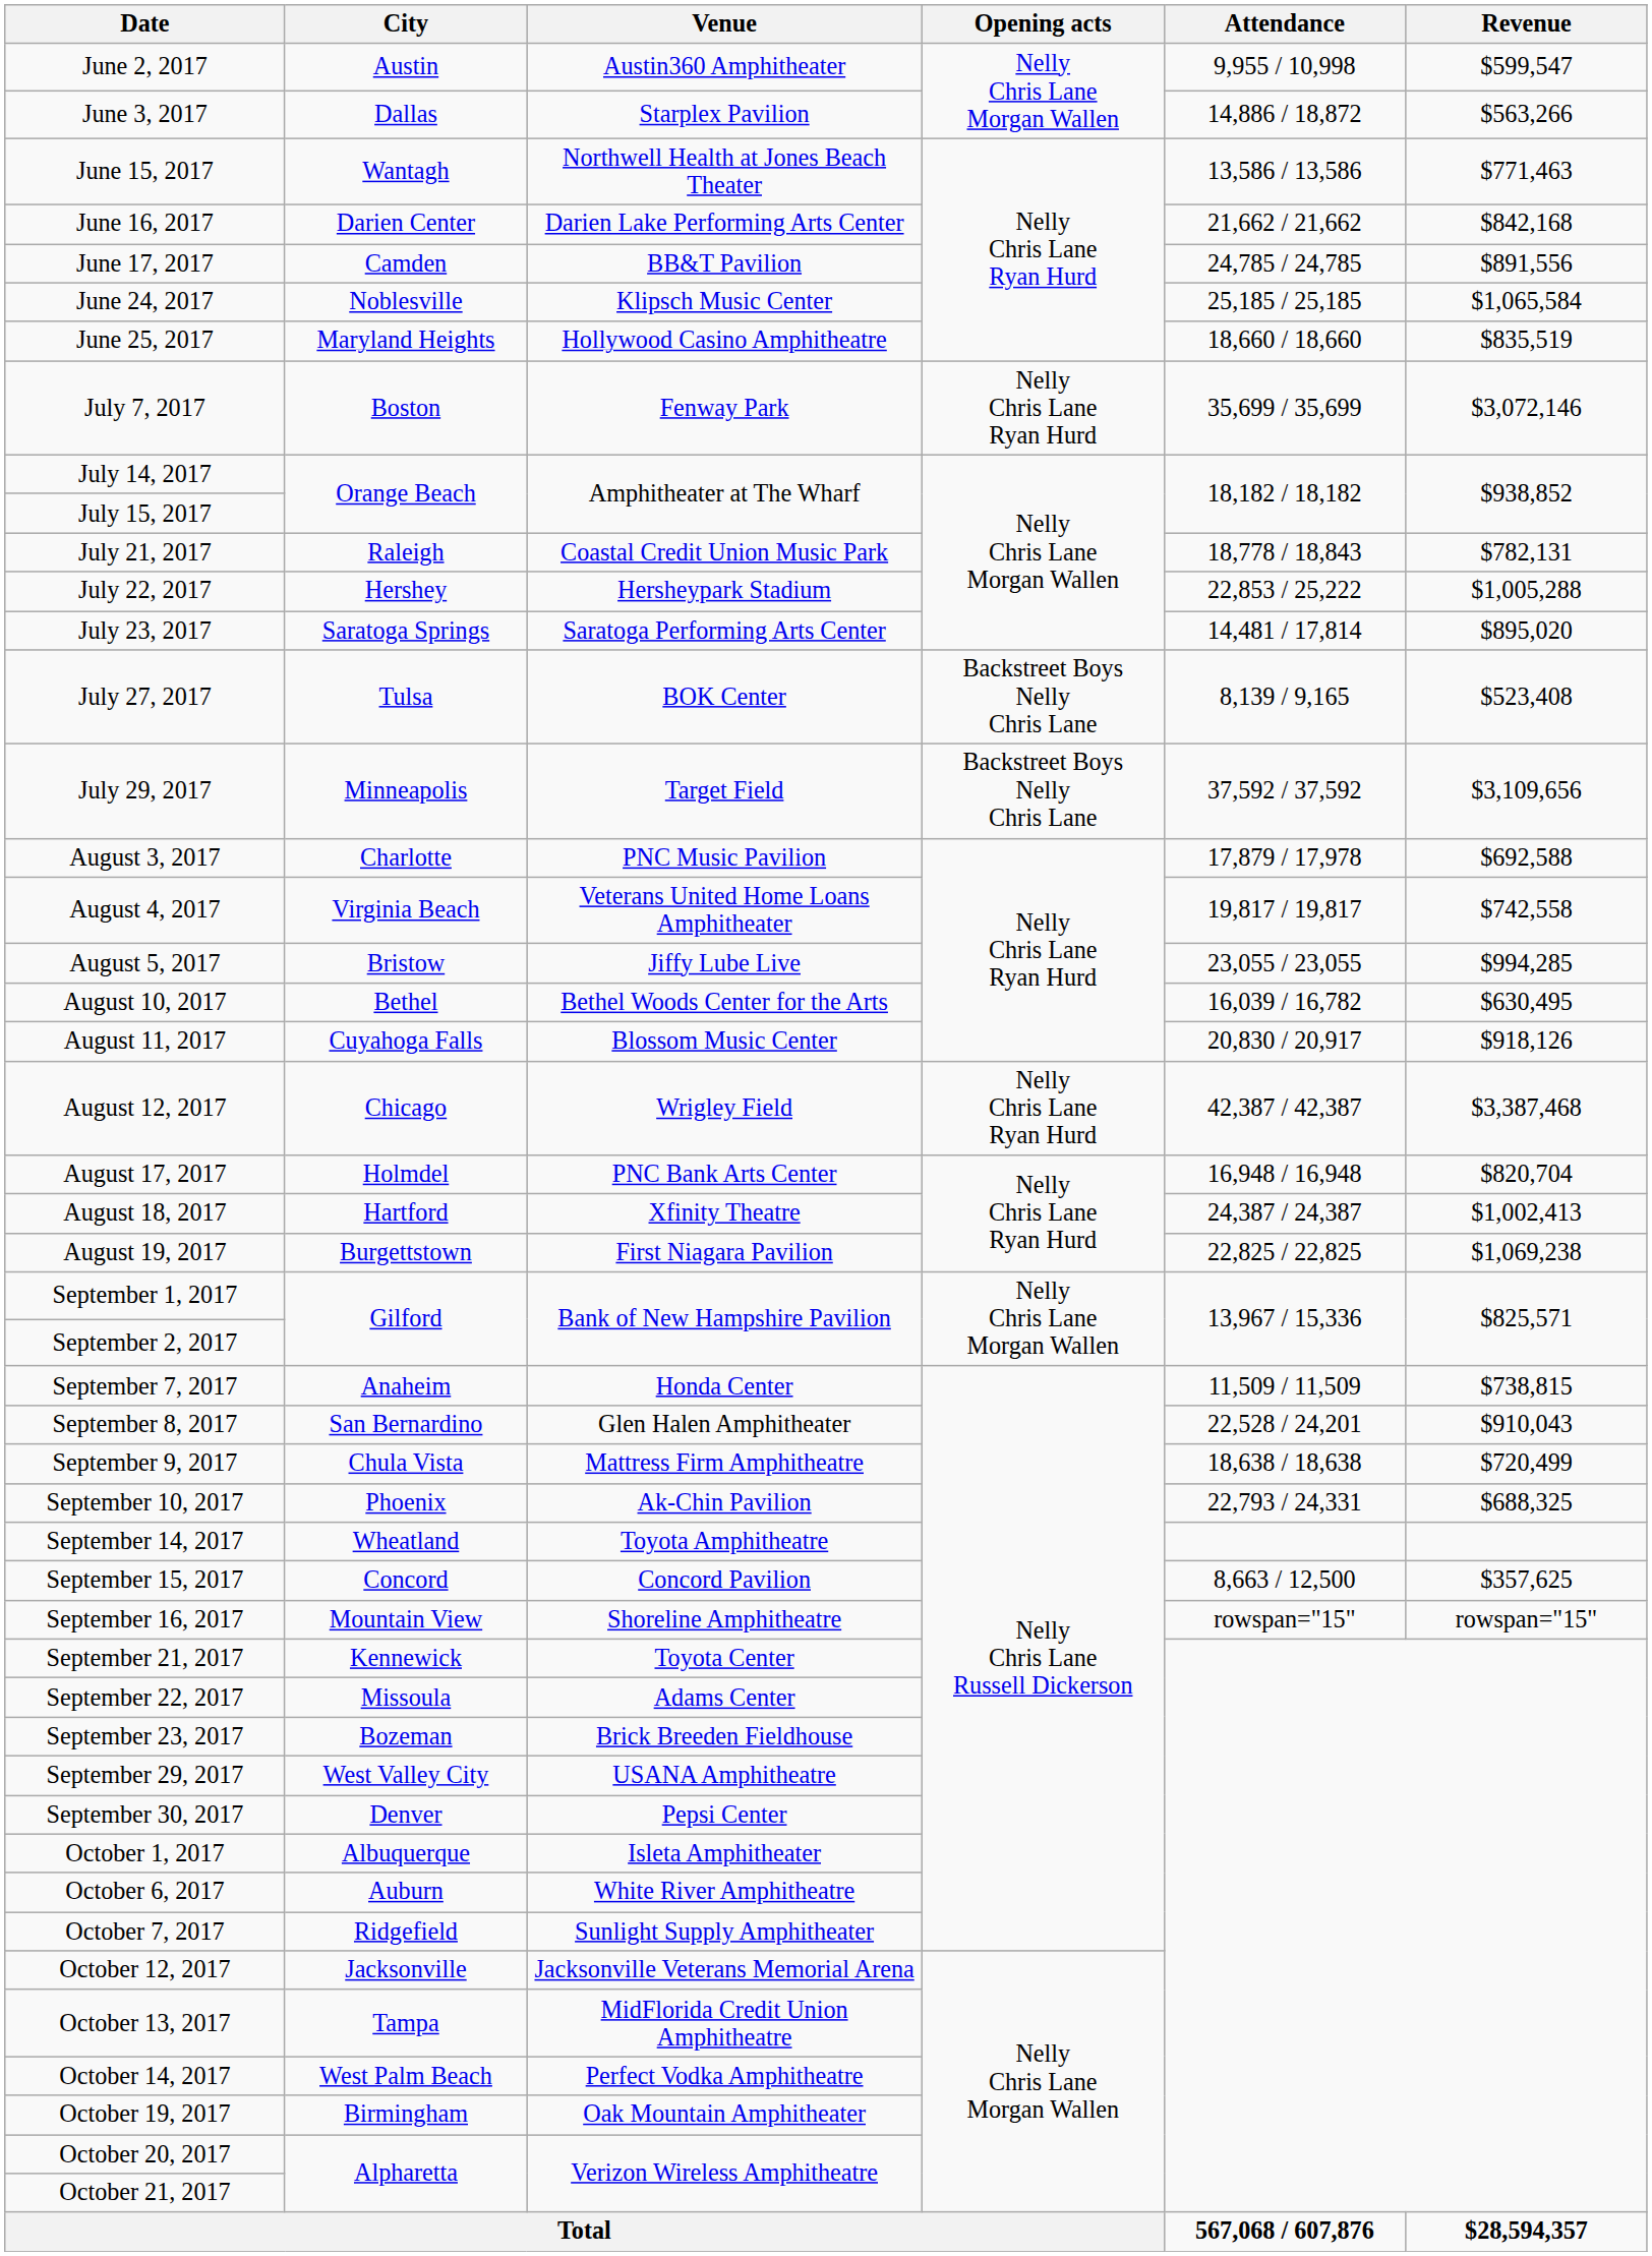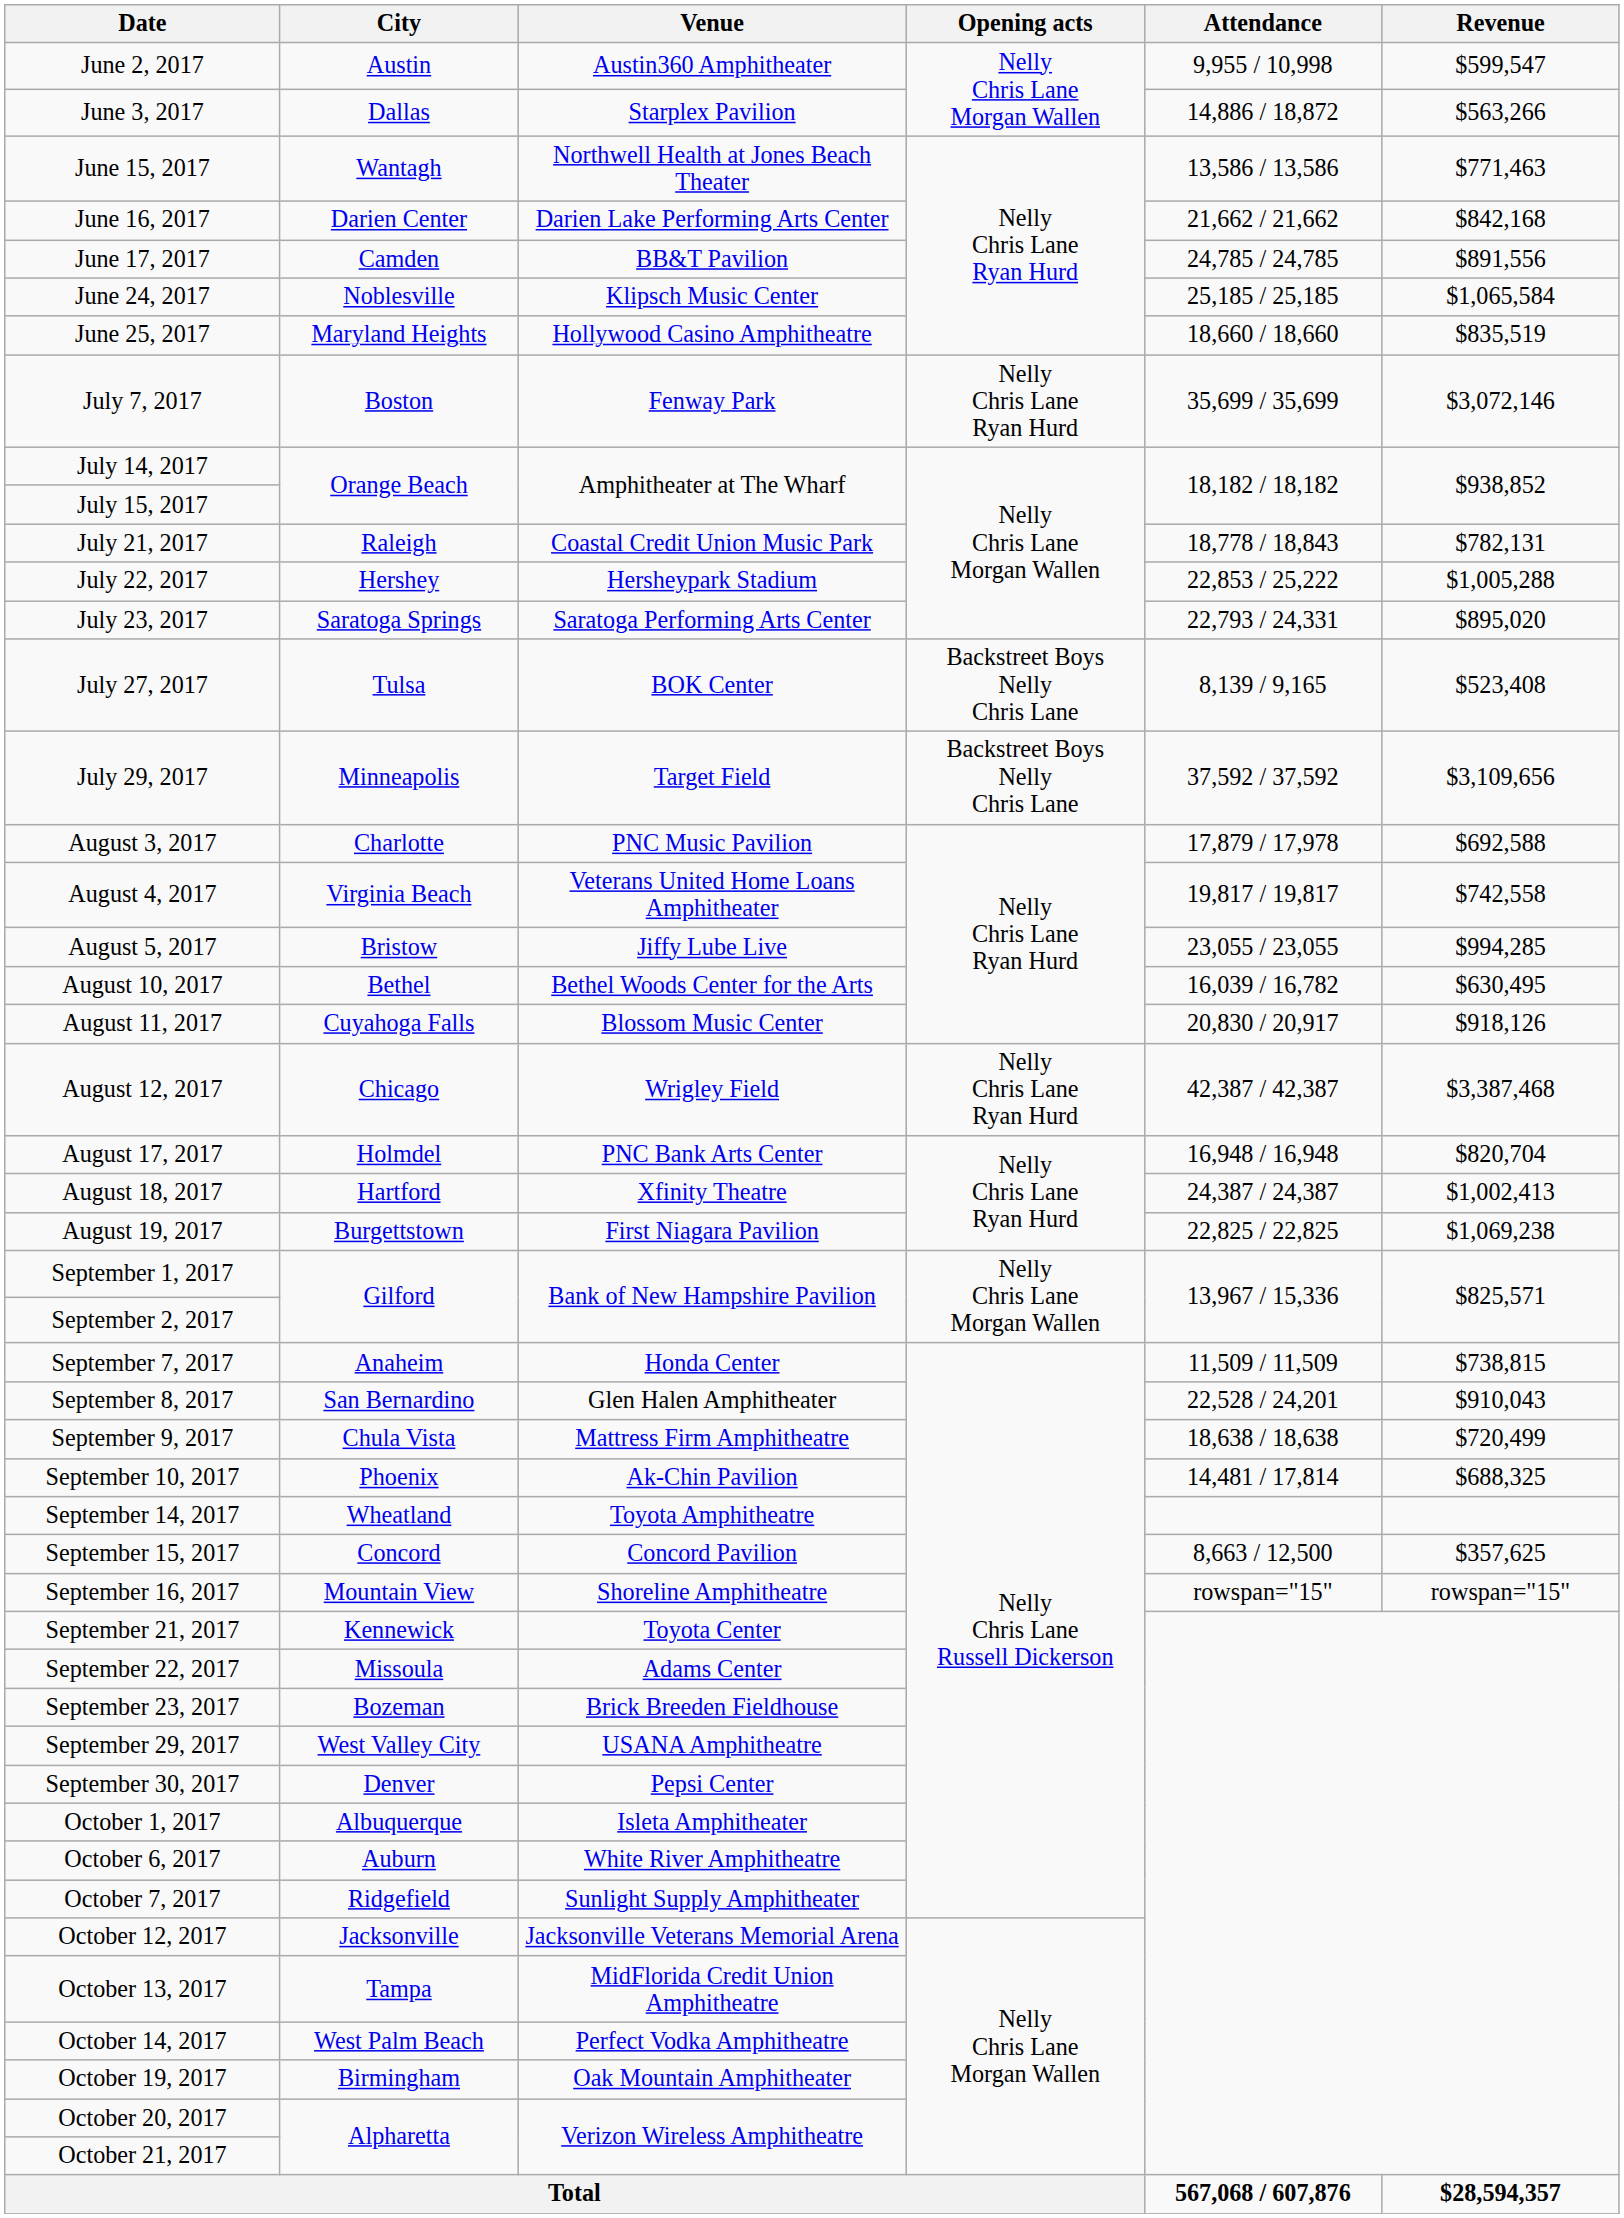 <table class="wikitable" style="text-align:center;">
 <tr>
 <th style="width:175px;">Date</th>
 <th style="width:150px;">City</th>
 <th style="width:250px;">Venue</th>
 <th style="width:150px;">Opening acts</th>
 <th style="width:150px;">Attendance</th>
 <th style="width:150px;">Revenue</th>
 </tr>
 <tr>
 <td>June 2, 2017</td>
 <td><a href='#'>Austin</a></td>
 <td><a href='#'>Austin360 Amphitheater</a></td>
 <td rowspan="2"><a href='#'>Nelly</a><br><a href='#'>Chris Lane</a><br><a href='#'>Morgan Wallen</a></td>
 <td>9,955 / 10,998</td>
 <td>$599,547</td>
 </tr>
 <tr>
 <td>June 3, 2017</td>
 <td><a href='#'>Dallas</a></td>
 <td><a href='#'>Starplex Pavilion</a></td>
 <td>14,886 / 18,872</td>
 <td>$563,266</td>
 </tr>
 <tr>
 <td>June 15, 2017</td>
 <td><a href='#'>Wantagh</a></td>
 <td><a href='#'>Northwell Health at Jones Beach Theater</a></td>
 <td rowspan="5">Nelly<br>Chris Lane<br><a href='#'>Ryan Hurd</a></td>
 <td>13,586 / 13,586</td>
 <td>$771,463</td>
 </tr>
 <tr>
 <td>June 16, 2017</td>
 <td><a href='#'>Darien Center</a></td>
 <td><a href='#'>Darien Lake Performing Arts Center</a></td>
 <td>21,662 / 21,662</td>
 <td>$842,168</td>
 </tr>
 <tr>
 <td>June 17, 2017</td>
 <td><a href='#'>Camden</a></td>
 <td><a href='#'>BB&T Pavilion</a></td>
 <td>24,785 / 24,785</td>
 <td>$891,556</td>
 </tr>
 <tr>
 <td>June 24, 2017</td>
 <td><a href='#'>Noblesville</a></td>
 <td><a href='#'>Klipsch Music Center</a></td>
 <td>25,185 / 25,185</td>
 <td>$1,065,584</td>
 </tr>
 <tr>
 <td>June 25, 2017</td>
 <td><a href='#'>Maryland Heights</a></td>
 <td><a href='#'>Hollywood Casino Amphitheatre</a></td>
 <td>18,660 / 18,660</td>
 <td>$835,519</td>
 </tr>
 <tr>
 <td>July 7, 2017</td>
 <td><a href='#'>Boston</a></td>
 <td><a href='#'>Fenway Park</a></td>
 <td>Nelly<br>Chris Lane<br>Ryan Hurd</td>
 <td>35,699 / 35,699</td>
 <td>$3,072,146</td>
 </tr>
 <tr>
 <td>July 14, 2017</td>
 <td rowspan="2"><a href='#'>Orange Beach</a></td>
 <td rowspan="2">Amphitheater at The Wharf</td>
 <td rowspan="5">Nelly<br>Chris Lane<br>Morgan Wallen</td>
 <td rowspan="2">18,182 / 18,182</td>
 <td rowspan="2">$938,852</td>
 </tr>
 <tr>
 <td>July 15, 2017</td>
 </tr>
 <tr>
 <td>July 21, 2017</td>
 <td><a href='#'>Raleigh</a></td>
 <td><a href='#'>Coastal Credit Union Music Park</a></td>
 <td>18,778 / 18,843</td>
 <td>$782,131</td>
 </tr>
 <tr>
 <td>July 22, 2017</td>
 <td><a href='#'>Hershey</a></td>
 <td><a href='#'>Hersheypark Stadium</a></td>
 <td>22,853 / 25,222</td>
 <td>$1,005,288</td>
 </tr>
 <tr>
 <td>July 23, 2017</td>
 <td><a href='#'>Saratoga Springs</a></td>
 <td><a href='#'>Saratoga Performing Arts Center</a></td>
-<td>14,481 / 17,814</td>
+<td>22,793 / 24,331</td>
 <td>$895,020</td>
 </tr>
 <tr>
 <td>July 27, 2017</td>
 <td><a href='#'>Tulsa</a></td>
 <td><a href='#'>BOK Center</a></td>
 <td>Backstreet Boys<br>Nelly<br>Chris Lane</td>
 <td>8,139 / 9,165</td>
 <td>$523,408</td>
 </tr>
 <tr>
 <td>July 29, 2017</td>
 <td><a href='#'>Minneapolis</a></td>
 <td><a href='#'>Target Field</a></td>
 <td>Backstreet Boys<br>Nelly<br>Chris Lane</td>
 <td>37,592 / 37,592</td>
 <td>$3,109,656</td>
 </tr>
 <tr>
 <td>August 3, 2017</td>
 <td><a href='#'>Charlotte</a></td>
 <td><a href='#'>PNC Music Pavilion</a></td>
 <td rowspan="5">Nelly<br>Chris Lane<br>Ryan Hurd</td>
 <td>17,879 / 17,978</td>
 <td>$692,588</td>
 </tr>
 <tr>
 <td>August 4, 2017</td>
 <td><a href='#'>Virginia Beach</a></td>
 <td><a href='#'>Veterans United Home Loans Amphitheater</a></td>
 <td>19,817 / 19,817</td>
 <td>$742,558</td>
 </tr>
 <tr>
 <td>August 5, 2017</td>
 <td><a href='#'>Bristow</a></td>
 <td><a href='#'>Jiffy Lube Live</a></td>
 <td>23,055 / 23,055</td>
 <td>$994,285</td>
 </tr>
 <tr>
 <td>August 10, 2017</td>
 <td><a href='#'>Bethel</a></td>
 <td><a href='#'>Bethel Woods Center for the Arts</a></td>
 <td>16,039 / 16,782</td>
 <td>$630,495</td>
 </tr>
 <tr>
 <td>August 11, 2017</td>
 <td><a href='#'>Cuyahoga Falls</a></td>
 <td><a href='#'>Blossom Music Center</a></td>
 <td>20,830 / 20,917</td>
 <td>$918,126</td>
 </tr>
 <tr>
 <td>August 12, 2017</td>
 <td><a href='#'>Chicago</a></td>
 <td><a href='#'>Wrigley Field</a></td>
 <td>Nelly<br>Chris Lane<br>Ryan Hurd</td>
 <td>42,387 / 42,387</td>
 <td>$3,387,468</td>
 </tr>
 <tr>
 <td>August 17, 2017</td>
 <td><a href='#'>Holmdel</a></td>
 <td><a href='#'>PNC Bank Arts Center</a></td>
 <td rowspan="3">Nelly<br>Chris Lane<br>Ryan Hurd</td>
 <td>16,948 / 16,948</td>
 <td>$820,704</td>
 </tr>
 <tr>
 <td>August 18, 2017</td>
 <td><a href='#'>Hartford</a></td>
 <td><a href='#'>Xfinity Theatre</a></td>
 <td>24,387 / 24,387</td>
 <td>$1,002,413</td>
 </tr>
 <tr>
 <td>August 19, 2017</td>
 <td><a href='#'>Burgettstown</a></td>
 <td><a href='#'>First Niagara Pavilion</a></td>
 <td>22,825 / 22,825</td>
 <td>$1,069,238</td>
 </tr>
 <tr>
 <td>September 1, 2017</td>
 <td rowspan="2"><a href='#'>Gilford</a></td>
 <td rowspan="2"><a href='#'>Bank of New Hampshire Pavilion</a></td>
 <td rowspan="2">Nelly<br>Chris Lane<br>Morgan Wallen</td>
 <td rowspan="2">13,967 / 15,336</td>
 <td rowspan="2">$825,571</td>
 </tr>
 <tr>
 <td>September 2, 2017</td>
 </tr>
 <tr>
 <td>September 7, 2017</td>
 <td><a href='#'>Anaheim</a></td>
 <td><a href='#'>Honda Center</a></td>
 <td rowspan="15">Nelly<br>Chris Lane<br><a href='#'>Russell Dickerson</a></td>
 <td>11,509 / 11,509</td>
 <td>$738,815</td>
 </tr>
 <tr>
 <td>September 8, 2017</td>
 <td><a href='#'>San Bernardino</a></td>
 <td>Glen Halen Amphitheater</td>
 <td>22,528 / 24,201</td>
 <td>$910,043</td>
 </tr>
 <tr>
 <td>September 9, 2017</td>
 <td><a href='#'>Chula Vista</a></td>
 <td><a href='#'>Mattress Firm Amphitheatre</a></td>
 <td>18,638 / 18,638</td>
 <td>$720,499</td>
 </tr>
 <tr>
 <td>September 10, 2017</td>
 <td><a href='#'>Phoenix</a></td>
 <td><a href='#'>Ak-Chin Pavilion</a></td>
-<td>22,793 / 24,331</td>
+<td>14,481 / 17,814</td>
 <td>$688,325</td>
 </tr>
 <tr>
 <td>September 14, 2017</td>
 <td><a href='#'>Wheatland</a></td>
 <td><a href='#'>Toyota Amphitheatre</a></td>
 <td></td>
 <td></td>
 </tr>
 <tr>
 <td>September 15, 2017</td>
 <td><a href='#'>Concord</a></td>
 <td><a href='#'>Concord Pavilion</a></td>
 <td>8,663 / 12,500</td>
 <td>$357,625</td>
 </tr>
 <tr>
 <td>September 16, 2017</td>
 <td><a href='#'>Mountain View</a></td>
 <td><a href='#'>Shoreline Amphitheatre</a></td>
 <td>rowspan="15" </td>
 <td>rowspan="15" </td>
 </tr>
 <tr>
 <td>September 21, 2017</td>
 <td><a href='#'>Kennewick</a></td>
 <td><a href='#'>Toyota Center</a></td>
 </tr>
 <tr>
 <td>September 22, 2017</td>
 <td><a href='#'>Missoula</a></td>
 <td><a href='#'>Adams Center</a></td>
 </tr>
 <tr>
 <td>September 23, 2017</td>
 <td><a href='#'>Bozeman</a></td>
 <td><a href='#'>Brick Breeden Fieldhouse</a></td>
 </tr>
 <tr>
 <td>September 29, 2017</td>
 <td><a href='#'>West Valley City</a></td>
 <td><a href='#'>USANA Amphitheatre</a></td>
 </tr>
 <tr>
 <td>September 30, 2017</td>
 <td><a href='#'>Denver</a></td>
 <td><a href='#'>Pepsi Center</a></td>
 </tr>
 <tr>
 <td>October 1, 2017</td>
 <td><a href='#'>Albuquerque</a></td>
 <td><a href='#'>Isleta Amphitheater</a></td>
 </tr>
 <tr>
 <td>October 6, 2017</td>
 <td><a href='#'>Auburn</a></td>
 <td><a href='#'>White River Amphitheatre</a></td>
 </tr>
 <tr>
 <td>October 7, 2017</td>
 <td><a href='#'>Ridgefield</a></td>
 <td><a href='#'>Sunlight Supply Amphitheater</a></td>
 </tr>
 <tr>
 <td>October 12, 2017</td>
 <td><a href='#'>Jacksonville</a></td>
 <td><a href='#'>Jacksonville Veterans Memorial Arena</a></td>
 <td rowspan="6">Nelly<br>Chris Lane<br>Morgan Wallen</td>
 </tr>
 <tr>
 <td>October 13, 2017</td>
 <td><a href='#'>Tampa</a></td>
 <td><a href='#'>MidFlorida Credit Union Amphitheatre</a></td>
 </tr>
 <tr>
 <td>October 14, 2017</td>
 <td><a href='#'>West Palm Beach</a></td>
 <td><a href='#'>Perfect Vodka Amphitheatre</a></td>
 </tr>
 <tr>
 <td>October 19, 2017</td>
 <td><a href='#'>Birmingham</a></td>
 <td><a href='#'>Oak Mountain Amphitheater</a></td>
 </tr>
 <tr>
 <td>October 20, 2017</td>
 <td rowspan="2"><a href='#'>Alpharetta</a></td>
 <td rowspan="2"><a href='#'>Verizon Wireless Amphitheatre</a></td>
 </tr>
 <tr>
 <td>October 21, 2017</td>
 </tr>
 <tr>
 <th colspan="4">Total</th>
 <td><strong>567,068 / 607,876</strong></td>
 <td><strong>$28,594,357</strong></td>
 </tr>
 </table>
